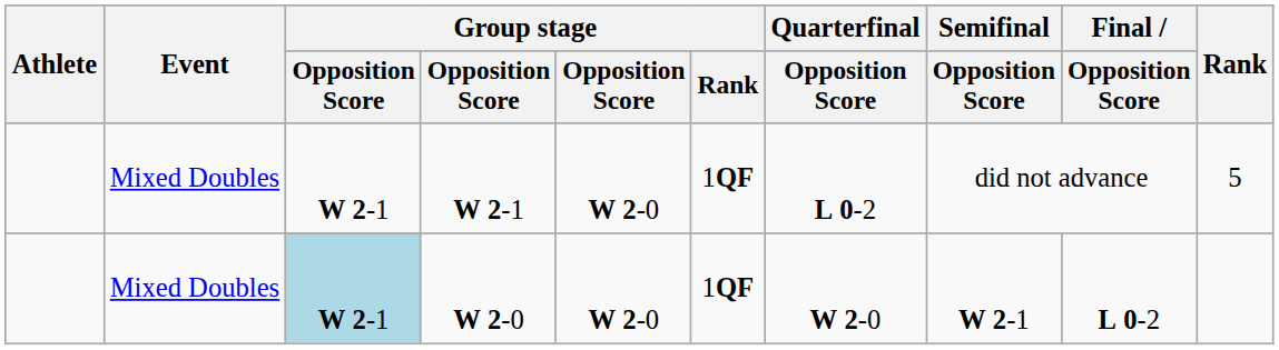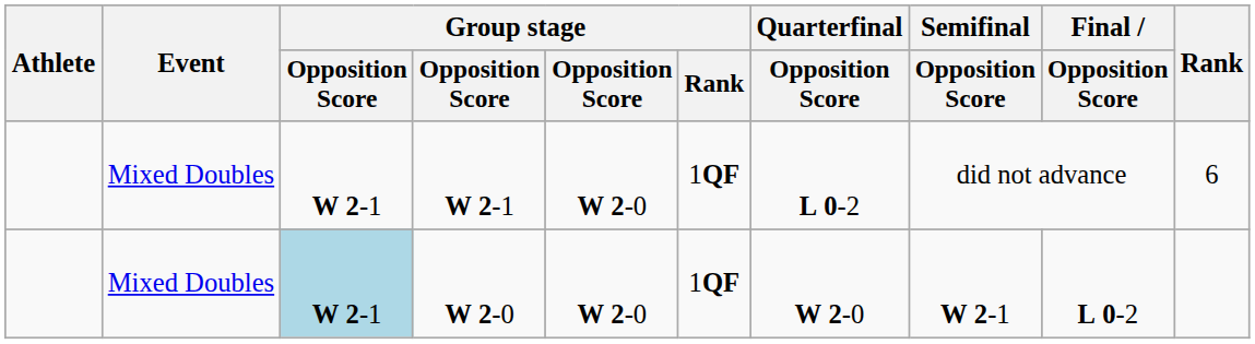 <table class="wikitable" style="font-size:90%">
 <tr>
 <th rowspan=2>Athlete</th>
 <th rowspan=2>Event</th>
 <th colspan=4>Group stage</th>
 <th>Quarterfinal</th>
 <th>Semifinal</th>
 <th>Final / </th>
 <th rowspan=2>Rank</th>
 </tr>
 <tr style="font-size:95%">
 <th>Opposition<br>Score</th>
 <th>Opposition<br>Score</th>
 <th>Opposition<br>Score</th>
 <th>Rank</th>
 <th>Opposition<br>Score</th>
 <th>Opposition<br>Score</th>
 <th>Opposition<br>Score</th>
 </tr>
 <tr align=center>
 <td align=left><br></td>
 <td align=left><a href='#'>Mixed Doubles</a></td>
 <td><small><br></small> <br> <strong>W</strong> <strong>2</strong>-1</td>
 <td><small><br></small> <br> <strong>W</strong> <strong>2</strong>-1</td>
 <td><small><br></small> <br> <strong>W</strong> <strong>2</strong>-0</td>
 <td>1<strong>QF</strong></td>
 <td><small><br></small> <br> <strong>L</strong> <strong>0</strong>-2</td>
 <td colspan=2>did not advance</td>
-<td>5</td>
+<td>6</td>
 </tr>
 <tr align=center>
 <td align=left><br></td>
 <td align=left><a href='#'>Mixed Doubles</a></td>
 <td style="background: lightblue;"><small><br></small> <br> <strong>W</strong> <strong>2</strong>-1</td>
 <td><small><br></small> <br> <strong>W</strong> <strong>2</strong>-0</td>
 <td><small><br></small> <br> <strong>W</strong> <strong>2</strong>-0</td>
 <td>1<strong>QF</strong></td>
 <td><small><br></small> <br> <strong>W</strong> <strong>2</strong>-0</td>
 <td><small><br></small> <br> <strong>W</strong> <strong>2</strong>-1</td>
 <td><small><br></small> <br> <strong>L</strong> <strong>0</strong>-2</td>
 <td></td>
 </tr>
 </table>
